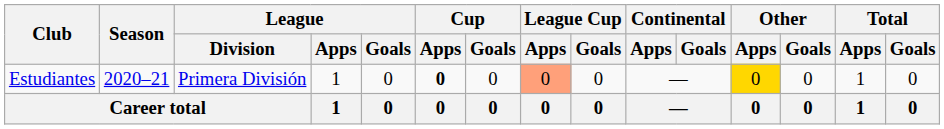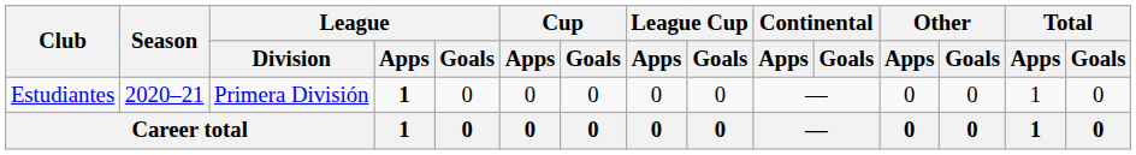 <table class="wikitable" style="text-align:center">
 <tr>
 <th rowspan="2">Club</th>
 <th rowspan="2">Season</th>
 <th colspan="3">League</th>
 <th colspan="2">Cup</th>
 <th colspan="2">League Cup</th>
 <th colspan="2">Continental</th>
 <th colspan="2">Other</th>
 <th colspan="2">Total</th>
 </tr>
 <tr>
 <th>Division</th>
 <th>Apps</th>
 <th>Goals</th>
 <th>Apps</th>
 <th>Goals</th>
 <th>Apps</th>
 <th>Goals</th>
 <th>Apps</th>
 <th>Goals</th>
 <th>Apps</th>
 <th>Goals</th>
 <th>Apps</th>
 <th>Goals</th>
 </tr>
 <tr>
 <td rowspan="1"><a href='#'>Estudiantes</a></td>
 <td><a href='#'>2020–21</a></td>
 <td rowspan="1"><a href='#'>Primera División</a></td>
-<td>1</td>
+<td><strong>1</strong></td>
 <td>0</td>
-<td><strong>0</strong></td>
 <td>0</td>
-<td style="background: lightsalmon;">0</td>
+<td>0</td>
+<td>0</td>
 <td>0</td>
 <td colspan="2">—</td>
-<td style="background: gold;">0</td>
+<td>0</td>
 <td>0</td>
 <td>1</td>
 <td>0</td>
 </tr>
 <tr>
 <th colspan="3">Career total</th>
 <th>1</th>
 <th>0</th>
 <th>0</th>
 <th>0</th>
 <th>0</th>
 <th>0</th>
 <th colspan="2">—</th>
 <th>0</th>
 <th>0</th>
 <th>1</th>
 <th>0</th>
 </tr>
 </table>
